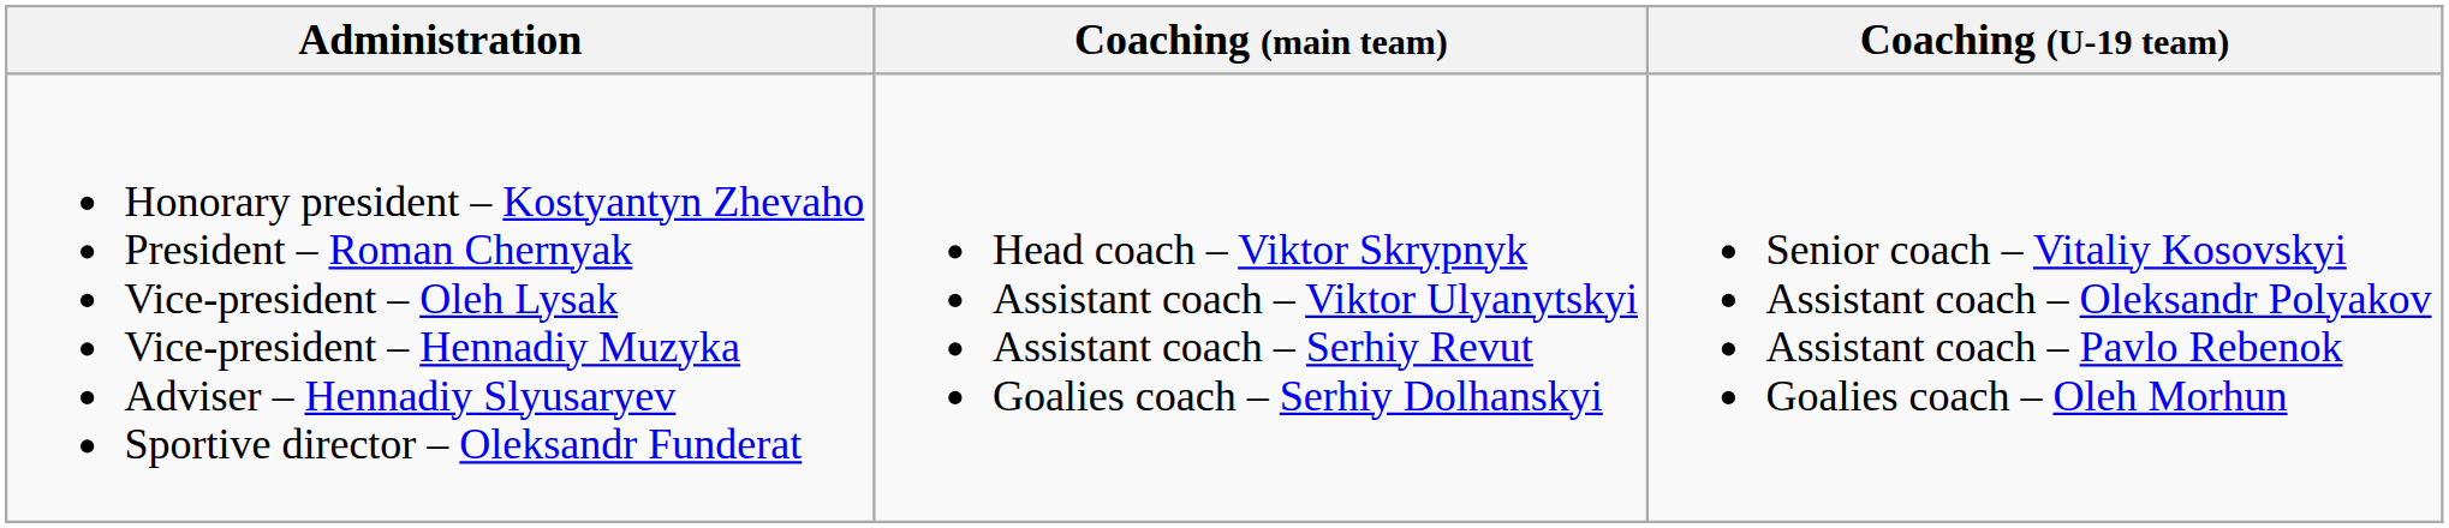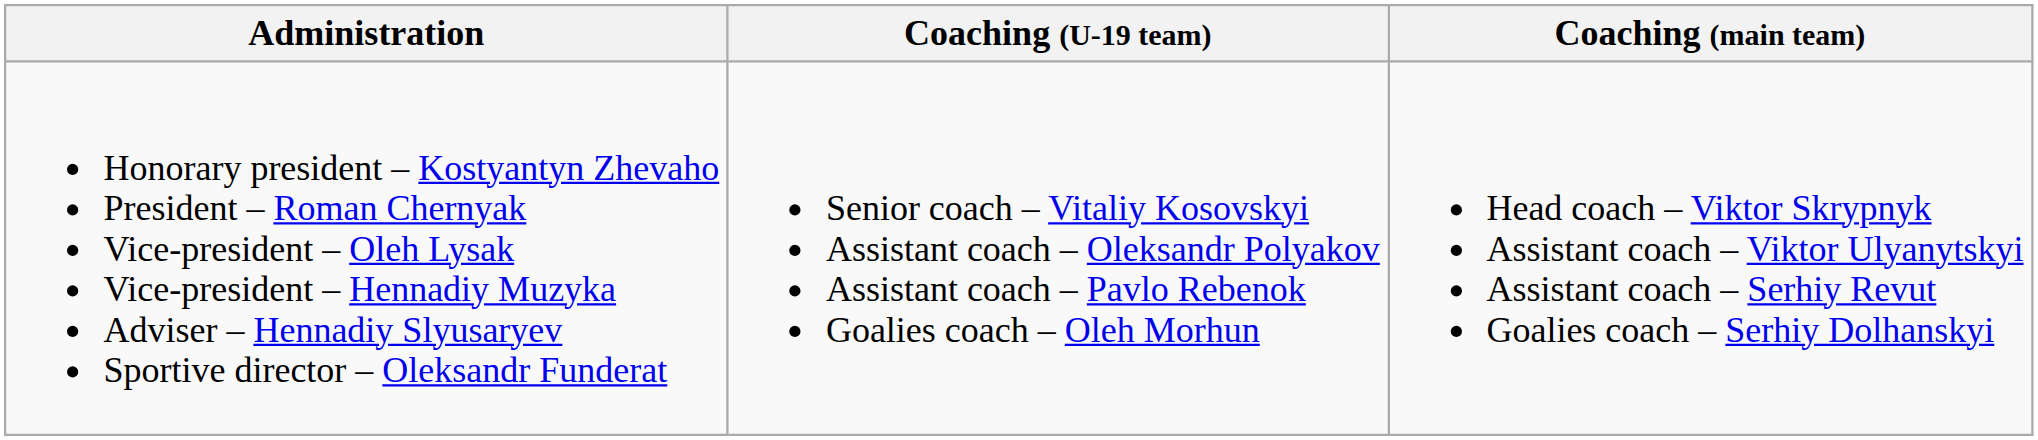 <table class="wikitable">
 <tr>
 <th>Administration</th>
+<th>Coaching <small>(U-19 team)</small></th>
 <th>Coaching <small>(main team)</small></th>
-<th>Coaching <small>(U-19 team)</small></th>
 </tr>
 <tr>
 <td><br><ul><li>Honorary president – <a href='#'>Kostyantyn Zhevaho</a></li><li>President – <a href='#'>Roman Chernyak</a></li><li>Vice-president – <a href='#'>Oleh Lysak</a></li><li>Vice-president – <a href='#'>Hennadiy Muzyka</a></li><li>Adviser – <a href='#'>Hennadiy Slyusaryev</a></li><li>Sportive director – <a href='#'>Oleksandr Funderat</a></li></ul></td>
+<td><br><ul><li>Senior coach – <a href='#'>Vitaliy Kosovskyi</a></li><li>Assistant coach – <a href='#'>Oleksandr Polyakov</a></li><li>Assistant coach – <a href='#'>Pavlo Rebenok</a></li><li>Goalies coach – <a href='#'>Oleh Morhun</a></li></ul></td>
 <td><br><ul><li>Head coach – <a href='#'>Viktor Skrypnyk</a></li><li>Assistant coach – <a href='#'>Viktor Ulyanytskyi</a></li><li>Assistant coach – <a href='#'>Serhiy Revut</a></li><li>Goalies coach – <a href='#'>Serhiy Dolhanskyi</a></li></ul></td>
-<td><br><ul><li>Senior coach – <a href='#'>Vitaliy Kosovskyi</a></li><li>Assistant coach – <a href='#'>Oleksandr Polyakov</a></li><li>Assistant coach – <a href='#'>Pavlo Rebenok</a></li><li>Goalies coach – <a href='#'>Oleh Morhun</a></li></ul></td>
 </tr>
 </table>
